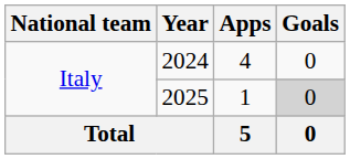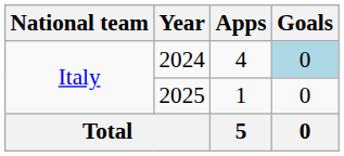 <table class="wikitable" style="text-align:center">
 <tr>
 <th>National team</th>
 <th>Year</th>
 <th>Apps</th>
 <th>Goals</th>
 </tr>
 <tr>
 <td rowspan="2"><a href='#'>Italy</a></td>
 <td>2024</td>
 <td>4</td>
-<td>0</td>
+<td style="background: lightblue;">0</td>
 </tr>
 <tr>
 <td>2025</td>
 <td>1</td>
-<td style="background: lightgrey;">0</td>
+<td>0</td>
 </tr>
 <tr>
 <th colspan="2">Total</th>
 <th>5</th>
 <th>0</th>
 </tr>
 </table>
